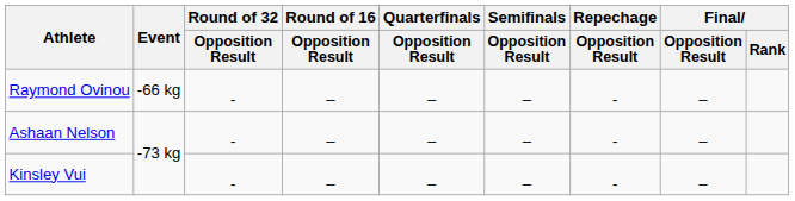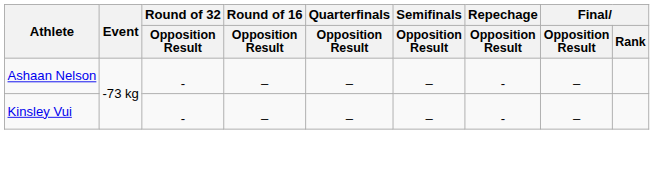 <table class="wikitable" style="font-size:90%;">
 <tr>
 <th rowspan=2>Athlete</th>
 <th rowspan=2>Event</th>
 <th>Round of 32</th>
 <th>Round of 16</th>
 <th>Quarterfinals</th>
 <th>Semifinals</th>
 <th>Repechage</th>
 <th colspan=2>Final/</th>
 </tr>
 <tr style="font-size:95%">
 <th>Opposition<br>Result</th>
 <th>Opposition<br>Result</th>
 <th>Opposition<br>Result</th>
 <th>Opposition<br>Result</th>
 <th>Opposition<br>Result</th>
 <th>Opposition<br>Result</th>
 <th>Rank</th>
-</tr>
-<tr align=center>
-<td align=left><a href='#'>Raymond Ovinou</a></td>
-<td align=left>-66 kg</td>
-<td><br> -</td>
-<td><br> –</td>
-<td><br> –</td>
-<td><br> –</td>
-<td><br> -</td>
-<td><br> –</td>
-<td></td>
 </tr>
 <tr align=center>
 <td align=left><a href='#'>Ashaan Nelson</a></td>
 <td align=left rowspan=2>-73 kg</td>
 <td><br> -</td>
 <td><br> –</td>
 <td><br> –</td>
 <td><br> –</td>
 <td><br> -</td>
 <td><br> –</td>
 <td></td>
 </tr>
 <tr align=center>
 <td align=left><a href='#'>Kinsley Vui</a></td>
 <td><br> -</td>
 <td><br> –</td>
 <td><br> –</td>
 <td><br> –</td>
 <td><br> -</td>
 <td><br> –</td>
 <td></td>
 </tr>
 </table>
